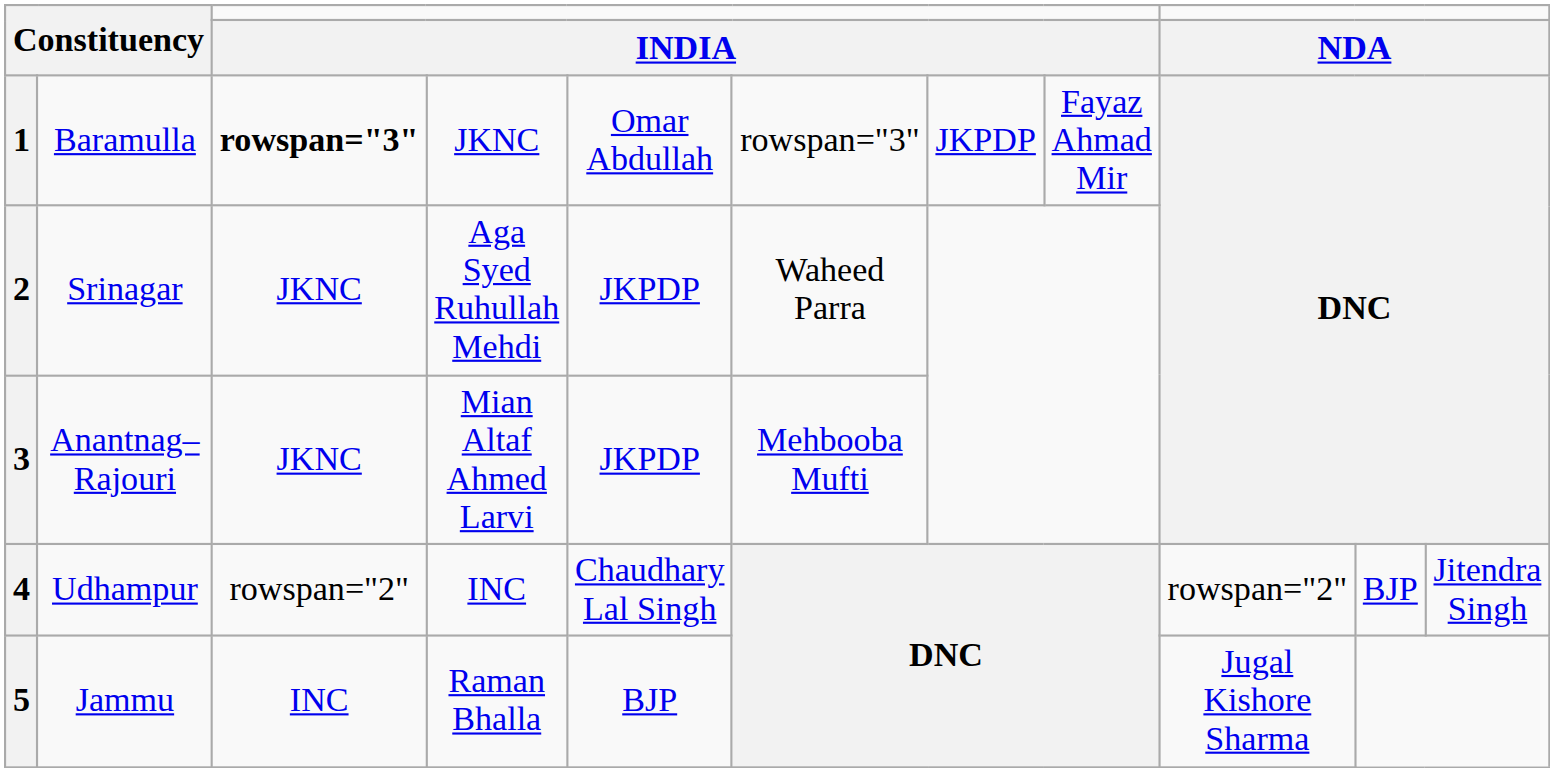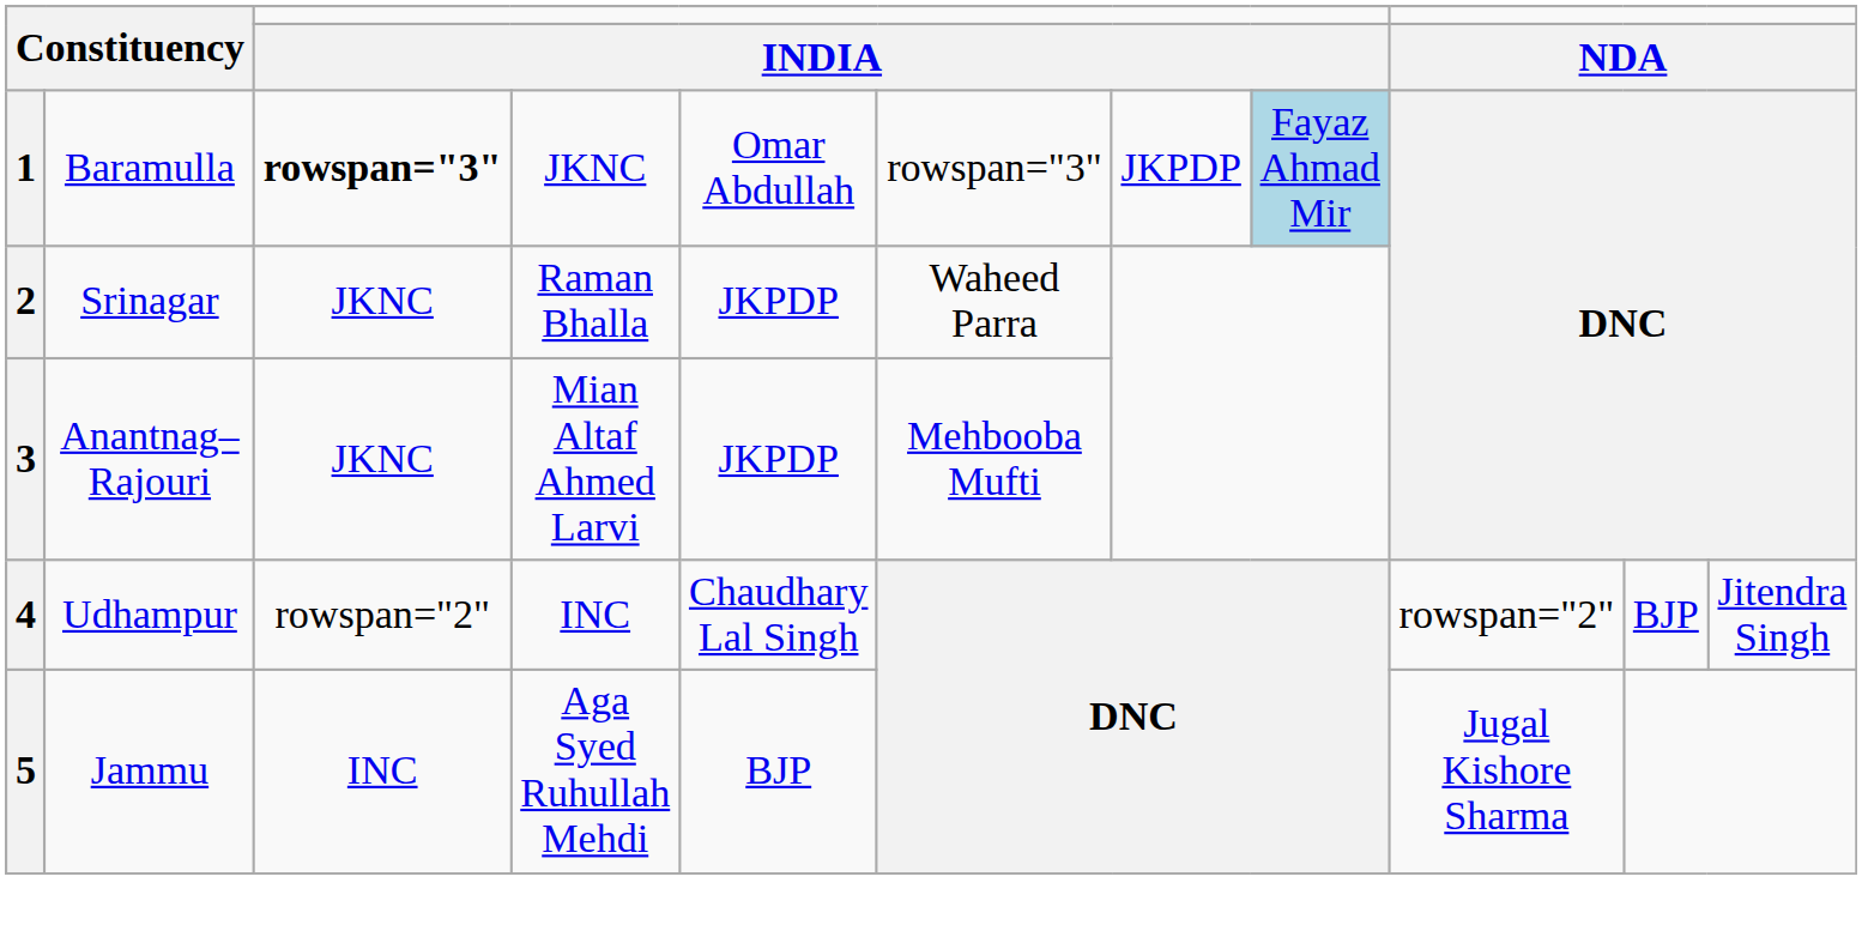 <table class="wikitable sortable" style="text-align:center;">
 <tr>
 <th colspan="2" rowspan="2">Constituency</th>
 <td colspan="6"></td>
 <td colspan="3"></td>
 </tr>
 <tr>
 <th colspan="6"><a href='#'>INDIA</a></th>
 <th colspan="3"><a href='#'>NDA</a></th>
 </tr>
 <tr>
 <th>1</th>
 <td><a href='#'>Baramulla</a></td>
 <td><strong>rowspan="3" </strong></td>
 <td><a href='#'>JKNC</a></td>
 <td><a href='#'>Omar Abdullah</a></td>
 <td>rowspan="3" </td>
 <td><a href='#'>JKPDP</a></td>
-<td><a href='#'>Fayaz Ahmad Mir</a></td>
+<td style="background: lightblue;"><a href='#'>Fayaz Ahmad Mir</a></td>
 <th colspan=3 rowspan=3>DNC</th>
 </tr>
 <tr>
 <th>2</th>
 <td><a href='#'>Srinagar</a></td>
 <td><a href='#'>JKNC</a></td>
-<td><a href='#'>Aga Syed Ruhullah Mehdi</a></td>
+<td><a href='#'>Raman Bhalla</a></td>
 <td><a href='#'>JKPDP</a></td>
 <td>Waheed Parra</td>
 </tr>
 <tr>
 <th>3</th>
 <td><a href='#'>Anantnag–Rajouri</a></td>
 <td><a href='#'>JKNC</a></td>
 <td><a href='#'>Mian Altaf Ahmed Larvi</a></td>
 <td><a href='#'>JKPDP</a></td>
 <td><a href='#'>Mehbooba Mufti</a></td>
 </tr>
 <tr>
 <th>4</th>
 <td><a href='#'>Udhampur</a></td>
 <td>rowspan="2" </td>
 <td><a href='#'>INC</a></td>
 <td><a href='#'>Chaudhary Lal Singh</a></td>
 <th colspan=3 rowspan=2>DNC</th>
 <td>rowspan="2" </td>
 <td><a href='#'>BJP</a></td>
 <td><a href='#'>Jitendra Singh</a></td>
 </tr>
 <tr>
 <th>5</th>
 <td><a href='#'>Jammu</a></td>
 <td><a href='#'>INC</a></td>
-<td><a href='#'>Raman Bhalla</a></td>
+<td><a href='#'>Aga Syed Ruhullah Mehdi</a></td>
 <td><a href='#'>BJP</a></td>
 <td><a href='#'>Jugal Kishore Sharma</a></td>
 </tr>
 <tr>
 </tr>
 </table>
